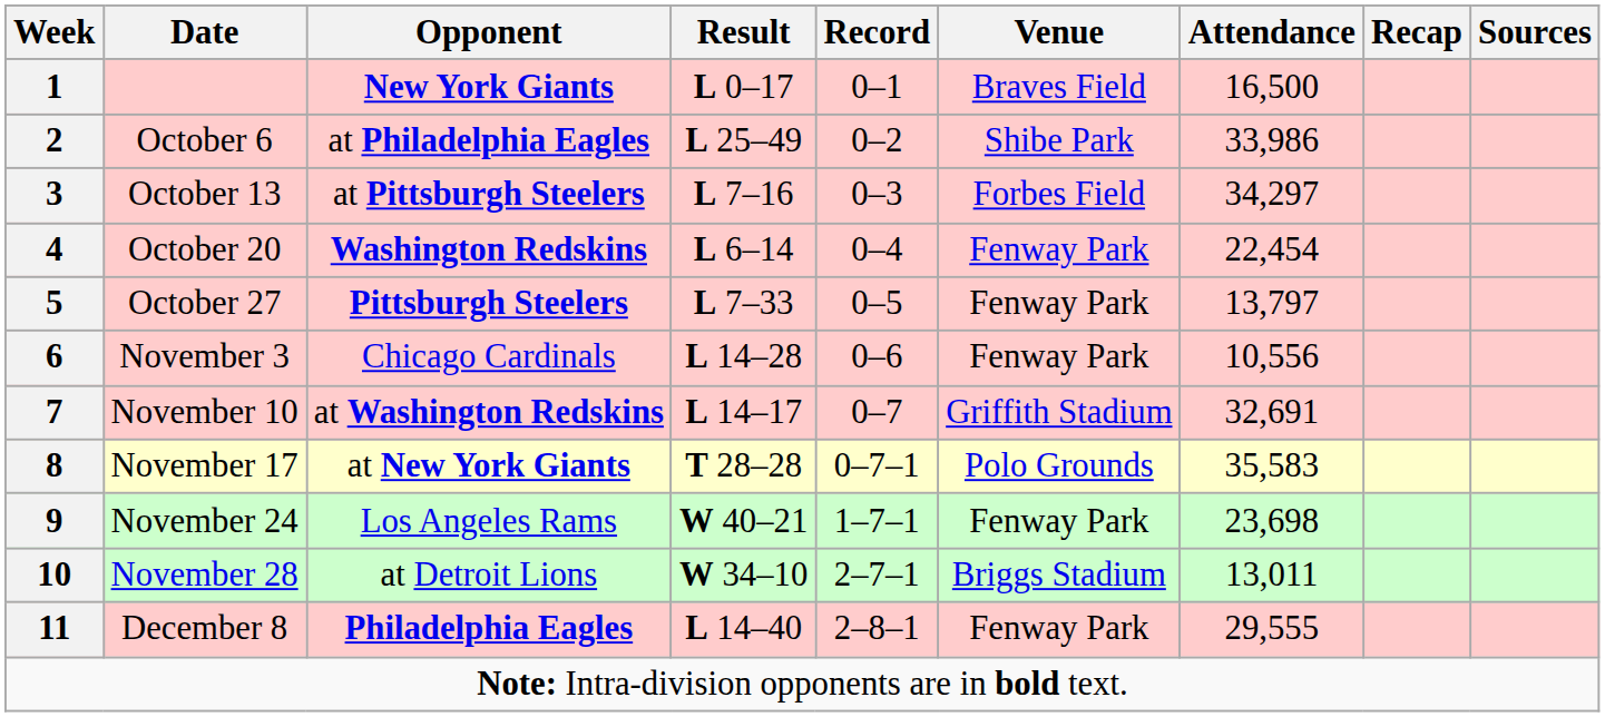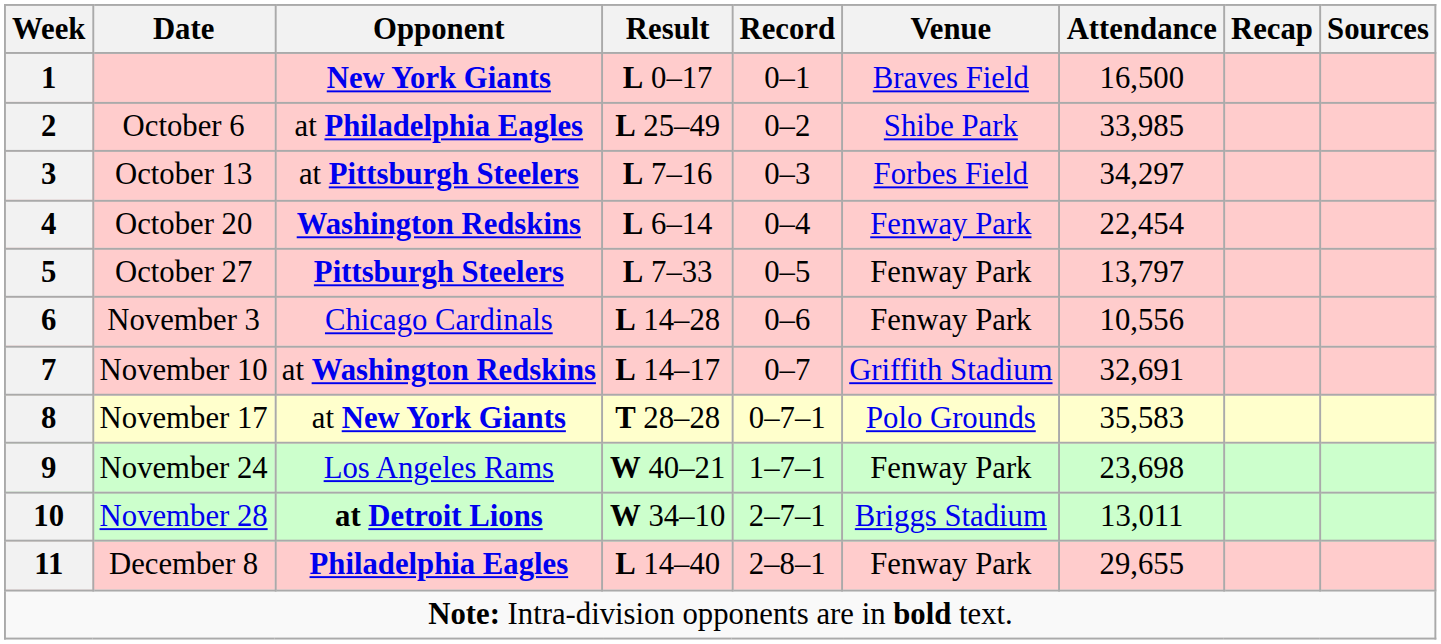 <table class="wikitable" style="text-align:center">
 <tr>
 <th>Week</th>
 <th>Date</th>
 <th>Opponent</th>
 <th>Result</th>
 <th>Record</th>
 <th>Venue</th>
 <th>Attendance</th>
 <th>Recap</th>
 <th>Sources</th>
 </tr>
 <tr style="background:#fcc">
 <th>1</th>
 <td></td>
 <td><strong><a href='#'>New York Giants</a></strong></td>
 <td><strong>L</strong> 0–17</td>
 <td>0–1</td>
 <td><a href='#'>Braves Field</a></td>
 <td>16,500</td>
 <td></td>
 <td></td>
 </tr>
 <tr style="background:#fcc">
 <th>2</th>
 <td>October 6</td>
 <td>at <strong><a href='#'>Philadelphia Eagles</a></strong></td>
 <td><strong>L</strong> 25–49</td>
 <td>0–2</td>
 <td><a href='#'>Shibe Park</a></td>
-<td>33,986</td>
+<td>33,985</td>
 <td></td>
 <td></td>
 </tr>
 <tr style="background:#fcc">
 <th>3</th>
 <td>October 13</td>
 <td>at <strong><a href='#'>Pittsburgh Steelers</a></strong></td>
 <td><strong>L</strong> 7–16</td>
 <td>0–3</td>
 <td><a href='#'>Forbes Field</a></td>
 <td>34,297</td>
 <td></td>
 <td></td>
 </tr>
 <tr style="background:#fcc">
 <th>4</th>
 <td>October 20</td>
 <td><strong><a href='#'>Washington Redskins</a></strong></td>
 <td><strong>L</strong> 6–14</td>
 <td>0–4</td>
 <td><a href='#'>Fenway Park</a></td>
 <td>22,454</td>
 <td></td>
 <td></td>
 </tr>
 <tr style="background:#fcc">
 <th>5</th>
 <td>October 27</td>
 <td><strong><a href='#'>Pittsburgh Steelers</a></strong></td>
 <td><strong>L</strong> 7–33</td>
 <td>0–5</td>
 <td>Fenway Park</td>
 <td>13,797</td>
 <td></td>
 <td></td>
 </tr>
 <tr style="background:#fcc">
 <th>6</th>
 <td>November 3</td>
 <td><a href='#'>Chicago Cardinals</a></td>
 <td><strong>L</strong> 14–28</td>
 <td>0–6</td>
 <td>Fenway Park</td>
 <td>10,556</td>
 <td></td>
 <td></td>
 </tr>
 <tr style="background:#fcc">
 <th>7</th>
 <td>November 10</td>
 <td>at <strong><a href='#'>Washington Redskins</a></strong></td>
 <td><strong>L</strong> 14–17</td>
 <td>0–7</td>
 <td><a href='#'>Griffith Stadium</a></td>
 <td>32,691</td>
 <td></td>
 <td></td>
 </tr>
 <tr style="background:#ffc">
 <th>8</th>
 <td>November 17</td>
 <td>at <strong><a href='#'>New York Giants</a></strong></td>
 <td><strong>T</strong> 28–28</td>
 <td>0–7–1</td>
 <td><a href='#'>Polo Grounds</a></td>
 <td>35,583</td>
 <td></td>
 <td></td>
 </tr>
 <tr style="background:#cfc">
 <th>9</th>
 <td>November 24</td>
 <td><a href='#'>Los Angeles Rams</a></td>
 <td><strong>W</strong> 40–21</td>
 <td>1–7–1</td>
 <td>Fenway Park</td>
 <td>23,698</td>
 <td></td>
 <td></td>
 </tr>
 <tr style="background:#cfc">
 <th>10</th>
 <td><a href='#'>November 28</a></td>
-<td>at <a href='#'>Detroit Lions</a></td>
+<td><strong>at <a href='#'>Detroit Lions</a></strong></td>
 <td><strong>W</strong> 34–10</td>
 <td>2–7–1</td>
 <td><a href='#'>Briggs Stadium</a></td>
 <td>13,011</td>
 <td></td>
 <td></td>
 </tr>
 <tr style="background:#fcc">
 <th>11</th>
 <td>December 8</td>
 <td><strong><a href='#'>Philadelphia Eagles</a></strong></td>
 <td><strong>L</strong> 14–40</td>
 <td>2–8–1</td>
 <td>Fenway Park</td>
-<td>29,555</td>
+<td>29,655</td>
 <td></td>
 <td></td>
 </tr>
 <tr>
 <td colspan="10"><strong>Note:</strong> Intra-division opponents are in <strong>bold</strong> text.</td>
 </tr>
 </table>
